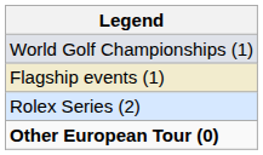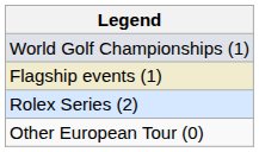 <table class="wikitable" style="font-size:95%;">
 <tr>
 <th>Legend</th>
 </tr>
 <tr style="background:#dfe2e9;">
 <td>World Golf Championships (1)</td>
 </tr>
 <tr style="background:#f2ecce;">
 <td>Flagship events (1)</td>
 </tr>
 <tr style="background:#D6E8FF;">
 <td>Rolex Series (2)</td>
 </tr>
 <tr>
-<td><strong>Other European Tour (0)</strong></td>
+<td>Other European Tour (0)</td>
 </tr>
 </table>
